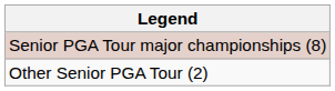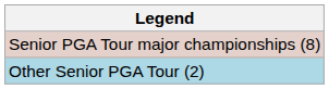 <table class="wikitable" style="font-size:95%;">
 <tr>
 <th>Legend</th>
 </tr>
 <tr style="background:#e5d1cb;">
 <td>Senior PGA Tour major championships (8)</td>
 </tr>
 <tr>
-<td>Other Senior PGA Tour (2)</td>
+<td style="background: lightblue;">Other Senior PGA Tour (2)</td>
 </tr>
 </table>
